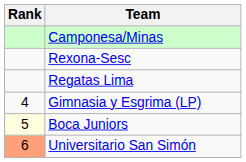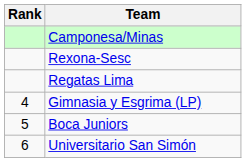 <table class="wikitable" style="text-align: center;">
 <tr>
 <th width=40>Rank</th>
 <th width=220>Team</th>
 </tr>
 <tr bgcolor=#ccffcc align=center>
 <td></td>
 <td style="text-align:left;"> <a href='#'>Camponesa/Minas</a></td>
 </tr>
 <tr align=center>
 <td></td>
 <td style="text-align:left;"> <a href='#'>Rexona-Sesc</a></td>
 </tr>
 <tr align=center>
 <td></td>
 <td style="text-align:left;"> <a href='#'>Regatas Lima</a></td>
 </tr>
 <tr align=center>
 <td>4</td>
 <td style="text-align:left;"> <a href='#'>Gimnasia y Esgrima (LP)</a></td>
 </tr>
 <tr align=center>
-<td style="background: lightyellow;">5</td>
+<td>5</td>
 <td style="text-align:left;"> <a href='#'>Boca Juniors</a></td>
 </tr>
 <tr align=center>
-<td style="background: lightsalmon;">6</td>
+<td>6</td>
 <td style="text-align:left;"> <a href='#'>Universitario San Simón</a></td>
 </tr>
 </table>
